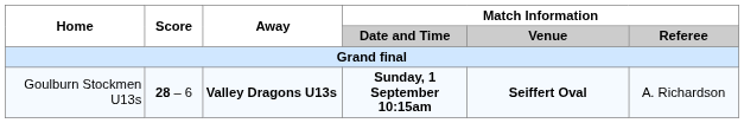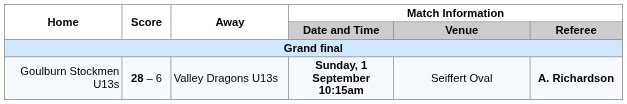 <table border="1" cellpadding="3" cellspacing="0" width="100%" style="border-collapse:collapse;  text-align:center;">
 <tr>
 <th rowspan="2" width="19%">Home</th>
 <th rowspan="2" width="8%">Score</th>
 <th rowspan="2" width="19%">Away</th>
 <th colspan="3">Match Information</th>
 </tr>
 <tr bgcolor="#CCCCCC">
 <th width="17%">Date and Time</th>
 <th width="22%">Venue</th>
 <th width="50%">Referee</th>
 </tr>
 <tr style="background:#d0e7ff;">
 <td colspan="6"><strong>Grand final</strong></td>
 </tr>
 <tr style="text-align:center; background:#f5faff;">
 <td align="right">Goulburn Stockmen U13s </td>
 <td><strong>28</strong> – 6</td>
-<td align="left"><strong> Valley Dragons U13s</strong></td>
+<td align="left"> Valley Dragons U13s</td>
 <td><strong>Sunday, 1 September 10:15am</strong></td>
-<td><strong>Seiffert Oval</strong></td>
-<td>A. Richardson</td>
+<td>Seiffert Oval</td>
+<td><strong>A. Richardson</strong></td>
 </tr>
 </table>
